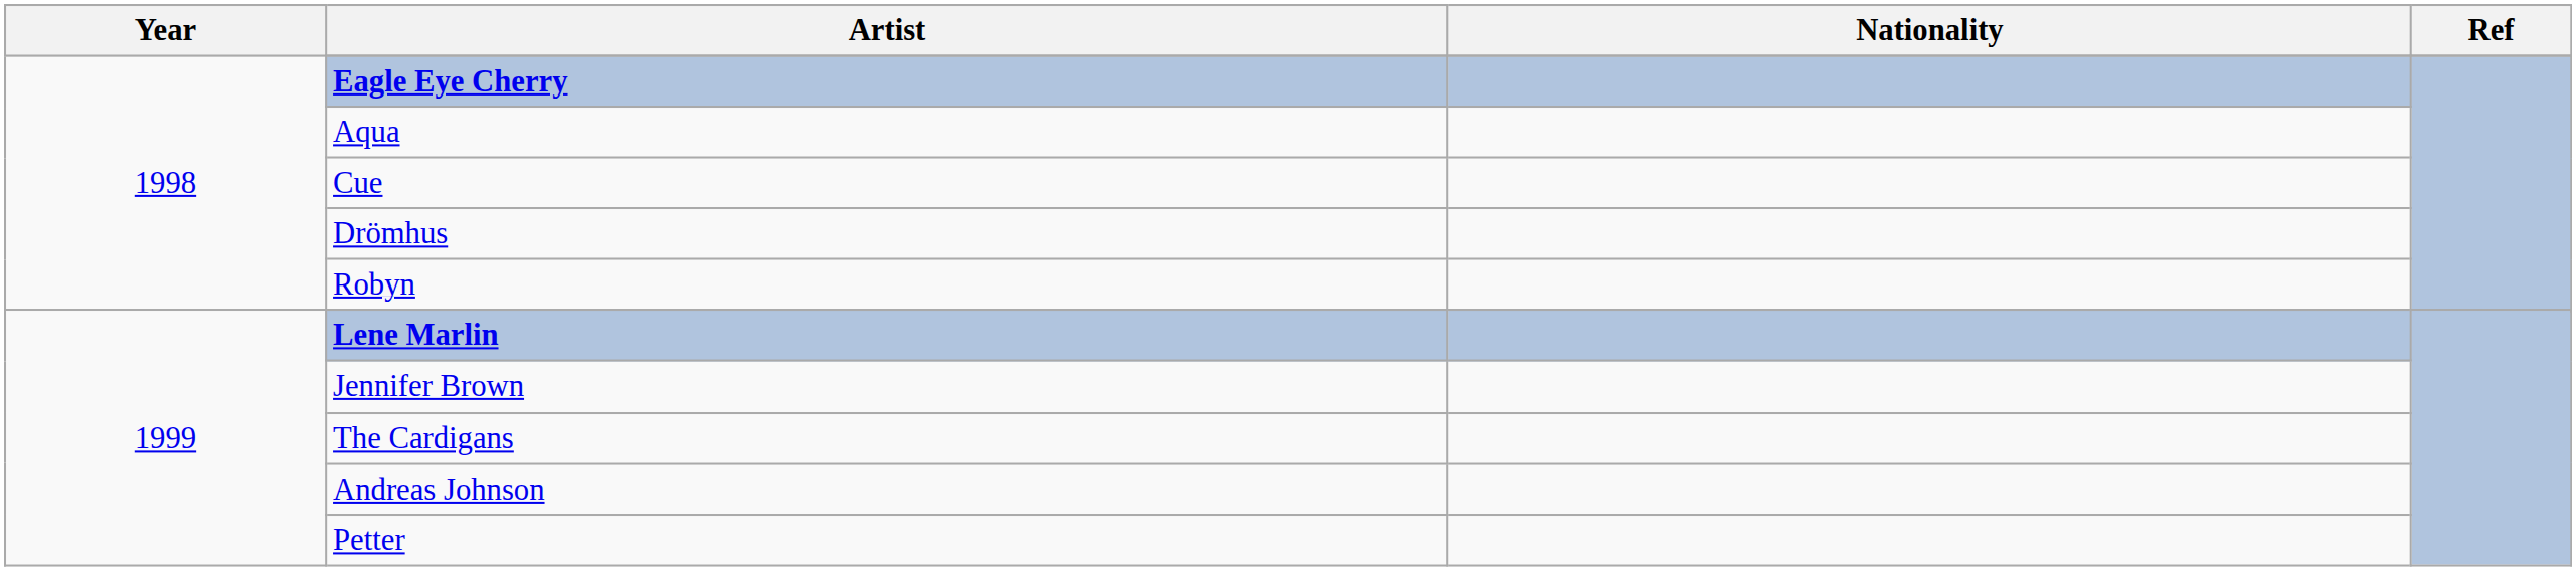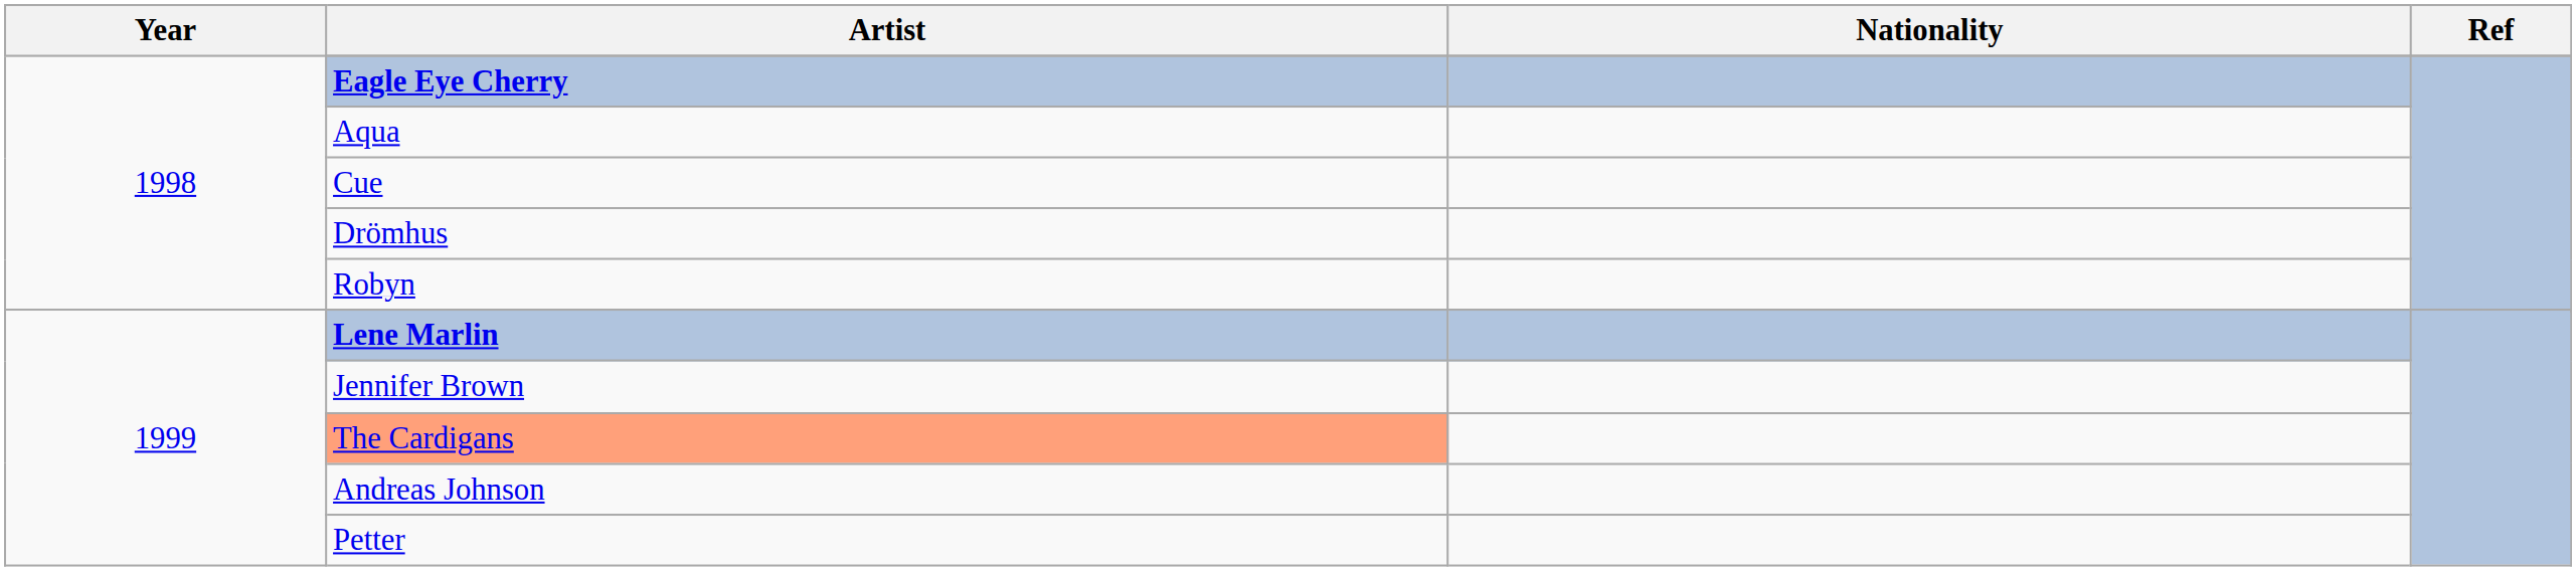 <table class="wikitable sortable plainrowheaders" style="font-size:95%; width:100%;">
 <tr style="background:#bebebe;">
 <th style="width:10%;">Year</th>
 <th style="width:35%;">Artist</th>
 <th style="width:30%;">Nationality</th>
 <th style="width:5%;">Ref</th>
 </tr>
 <tr>
 <td rowspan="6" align="center"><a href='#'>1998</a></td>
 </tr>
 <tr style="background:#B0C4DE">
 <td><strong><a href='#'>Eagle Eye Cherry</a></strong></td>
 <td><strong></strong></td>
 <td rowspan="6" align="center"></td>
 </tr>
 <tr>
 <td><a href='#'>Aqua</a></td>
 <td></td>
 </tr>
 <tr>
 <td><a href='#'>Cue</a></td>
 <td></td>
 </tr>
 <tr>
 <td><a href='#'>Drömhus</a></td>
 <td></td>
 </tr>
 <tr>
 <td><a href='#'>Robyn</a></td>
 <td></td>
 </tr>
 <tr>
 <td rowspan="6" align="center"><a href='#'>1999</a></td>
 </tr>
 <tr style="background:#B0C4DE">
 <td><strong><a href='#'>Lene Marlin</a></strong></td>
 <td><strong></strong></td>
 <td rowspan="6" align="center"></td>
 </tr>
 <tr>
 <td><a href='#'>Jennifer Brown</a></td>
 <td></td>
 </tr>
 <tr>
-<td><a href='#'>The Cardigans</a></td>
+<td style="background: lightsalmon;"><a href='#'>The Cardigans</a></td>
 <td></td>
 </tr>
 <tr>
 <td><a href='#'>Andreas Johnson</a></td>
 <td></td>
 </tr>
 <tr>
 <td><a href='#'>Petter</a></td>
 <td></td>
 </tr>
 </table>
